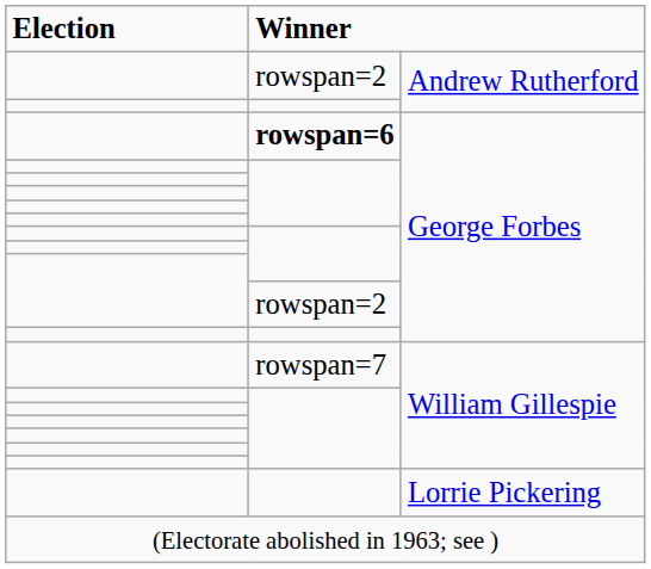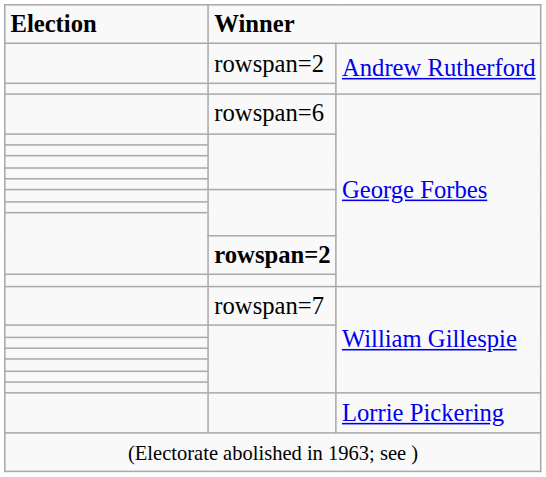 <table class="wikitable">
 <tr>
 <td width=125><strong>Election</strong></td>
 <td width=175 colspan=2><strong>Winner</strong></td>
 </tr>
 <tr>
 <td></td>
 <td>rowspan=2 </td>
 <td rowspan=2><a href='#'>Andrew Rutherford</a></td>
 </tr>
 <tr>
 <td></td>
 </tr>
 <tr>
 <td></td>
-<td><strong>rowspan=6 </strong></td>
+<td>rowspan=6 </td>
 <td rowspan=11><a href='#'>George Forbes</a></td>
 </tr>
 <tr>
 <td></td>
 </tr>
 <tr>
 <td></td>
 </tr>
 <tr>
 <td></td>
 </tr>
 <tr>
 <td></td>
 </tr>
 <tr>
 <td></td>
 </tr>
 <tr>
 <td></td>
 <td rowspan=2 style="border-bottom:solid 0 grey; background:"></td>
 </tr>
 <tr>
 <td></td>
 </tr>
 <tr>
 <td rowspan=2></td>
 <td height=8 style="border-top:solid 0 grey; background:"></td>
 </tr>
 <tr>
-<td>rowspan=2 </td>
+<td><strong>rowspan=2 </strong></td>
 </tr>
 <tr>
 <td></td>
 </tr>
 <tr>
 <td></td>
 <td>rowspan=7 </td>
 <td rowspan=7><a href='#'>William Gillespie</a></td>
 </tr>
 <tr>
 <td></td>
 </tr>
 <tr>
 <td></td>
 </tr>
 <tr>
 <td></td>
 </tr>
 <tr>
 <td></td>
 </tr>
 <tr>
 <td></td>
 </tr>
 <tr>
 <td></td>
 </tr>
 <tr>
 <td></td>
 <td></td>
 <td><a href='#'>Lorrie Pickering</a></td>
 </tr>
 <tr>
 <td colspan=3 align=center><small>(Electorate abolished in 1963; see )</small></td>
 </tr>
 </table>
